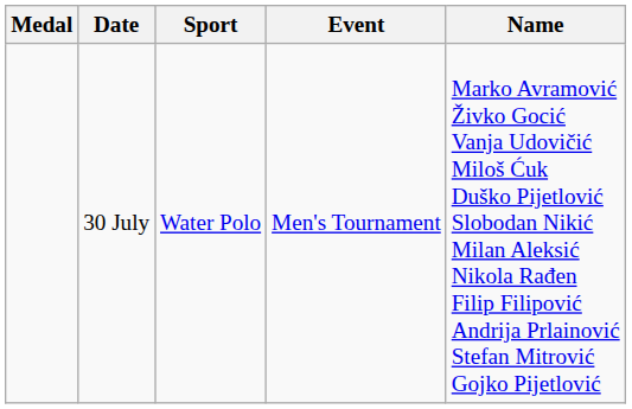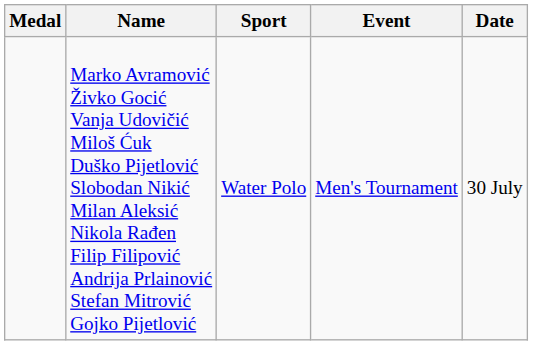 <table class="wikitable sortable" style="font-size:90%">
 <tr>
 <th>Medal</th>
-<th>Date</th>
+<th>Name</th>
 <th>Sport</th>
 <th>Event</th>
-<th>Name</th>
+<th>Date</th>
 </tr>
 <tr>
 <td></td>
-<td>30 July</td>
+<td><br><a href='#'>Marko Avramović</a><br><a href='#'>Živko Gocić</a><br><a href='#'>Vanja Udovičić</a><br><a href='#'>Miloš Ćuk</a><br><a href='#'>Duško Pijetlović</a><br><a href='#'>Slobodan Nikić</a><br><a href='#'>Milan Aleksić</a><br><a href='#'>Nikola Rađen</a><br><a href='#'>Filip Filipović</a><br><a href='#'>Andrija Prlainović</a><br><a href='#'>Stefan Mitrović</a><br><a href='#'>Gojko Pijetlović</a></td>
 <td><a href='#'>Water Polo</a></td>
 <td><a href='#'>Men's Tournament</a></td>
-<td><br><a href='#'>Marko Avramović</a><br><a href='#'>Živko Gocić</a><br><a href='#'>Vanja Udovičić</a><br><a href='#'>Miloš Ćuk</a><br><a href='#'>Duško Pijetlović</a><br><a href='#'>Slobodan Nikić</a><br><a href='#'>Milan Aleksić</a><br><a href='#'>Nikola Rađen</a><br><a href='#'>Filip Filipović</a><br><a href='#'>Andrija Prlainović</a><br><a href='#'>Stefan Mitrović</a><br><a href='#'>Gojko Pijetlović</a></td>
+<td>30 July</td>
 </tr>
 </table>
